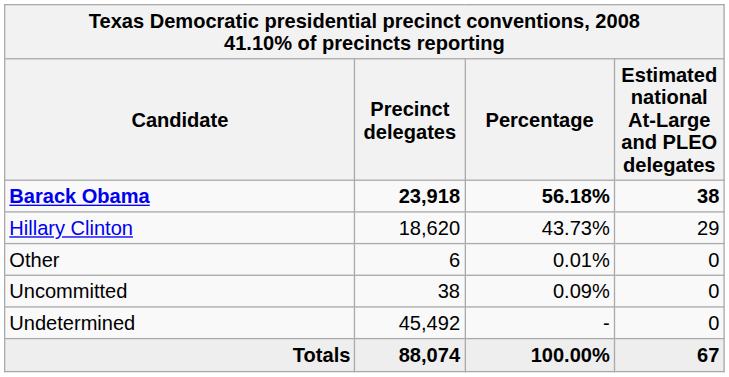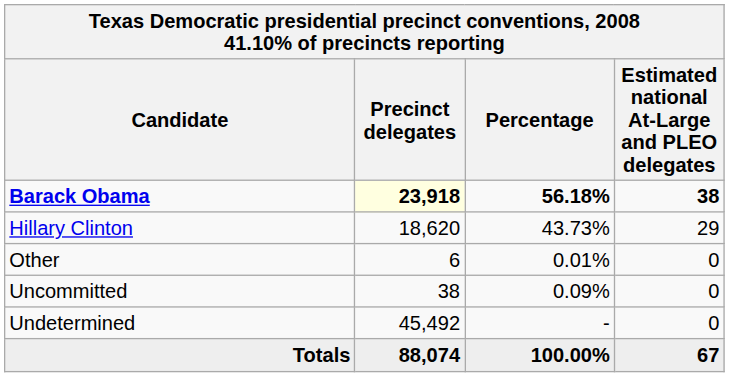 <table class="wikitable" style="font-size:95%; text-align:right;">
 <tr>
 <th colspan="4">Texas Democratic presidential precinct conventions, 2008<br>41.10% of precincts reporting</th>
 </tr>
 <tr>
 <th style="width: 17em">Candidate</th>
 <th style="width: 5em">Precinct delegates</th>
 <th style="width: 7em">Percentage</th>
 <th style="width: 5em">Estimated national At-Large and PLEO delegates</th>
 </tr>
 <tr>
 <td align="left"><strong><a href='#'>Barack Obama</a></strong></td>
-<td><strong>23,918</strong></td>
+<td style="background: lightyellow;"><strong>23,918</strong></td>
 <td><strong>56.18%</strong></td>
 <td><strong>38</strong></td>
 </tr>
 <tr>
 <td align="left"><a href='#'>Hillary Clinton</a></td>
 <td>18,620</td>
 <td>43.73%</td>
 <td>29</td>
 </tr>
 <tr>
 <td align="left">Other</td>
 <td>6</td>
 <td>0.01%</td>
 <td>0</td>
 </tr>
 <tr>
 <td align="left">Uncommitted</td>
 <td>38</td>
 <td>0.09%</td>
 <td>0</td>
 </tr>
 <tr>
 <td align="left">Undetermined</td>
 <td>45,492</td>
 <td>-</td>
 <td>0</td>
 </tr>
 <tr bgcolor="#EEEEEE" style="margin-right:0.5em">
 <td><strong>Totals</strong></td>
 <td><strong>88,074</strong></td>
 <td><strong>100.00%</strong></td>
 <td><strong>67</strong></td>
 </tr>
 </table>
